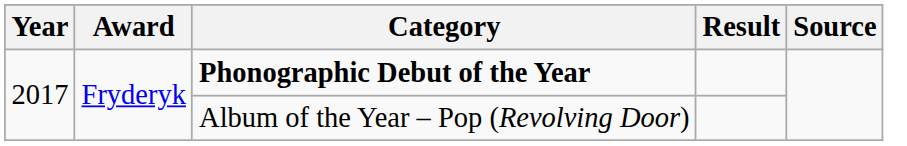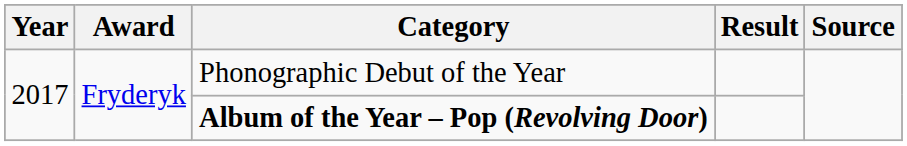 <table class="wikitable" style="text-align:left;">
 <tr>
 <th scope="col">Year</th>
 <th scope="col">Award</th>
 <th scope="col">Category</th>
 <th scope="col">Result</th>
 <th scope="col">Source</th>
 </tr>
 <tr>
 <td rowspan="2">2017</td>
 <td rowspan="2"><a href='#'>Fryderyk</a></td>
-<td><strong>Phonographic Debut of the Year</strong></td>
+<td>Phonographic Debut of the Year</td>
 <td></td>
 <td rowspan="2" align="center"></td>
 </tr>
 <tr>
-<td>Album of the Year – Pop (<em>Revolving Door</em>)</td>
+<td><strong>Album of the Year – Pop (<em>Revolving Door</em>)</strong></td>
 <td></td>
 </tr>
 </table>
